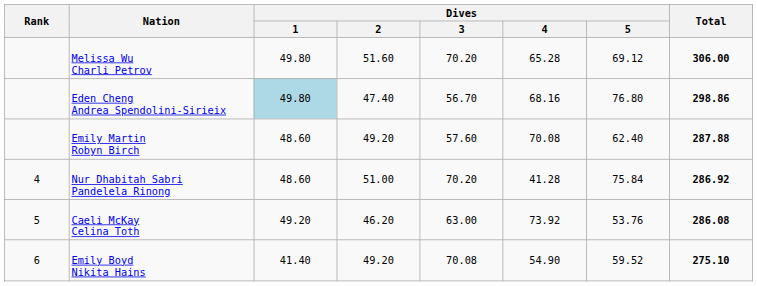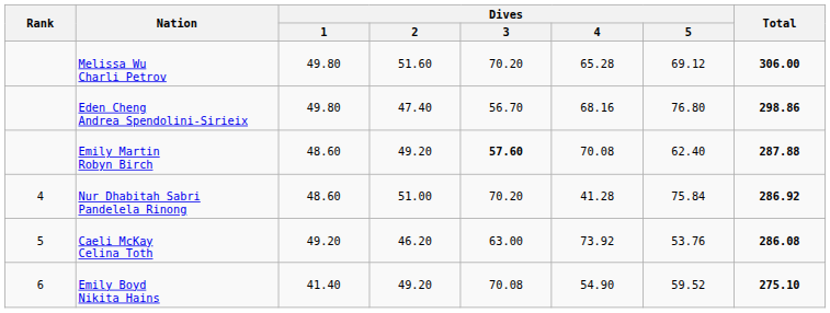 <table class="wikitable" width="75%">
 <tr>
 <th rowspan="2" width="7%">Rank</th>
 <th rowspan="2" width="20%">Nation</th>
 <th colspan="5">Dives</th>
 <th rowspan="2" width="9%">Total</th>
 </tr>
 <tr>
 <th width="9%">1</th>
 <th width="9%">2</th>
 <th width="9%">3</th>
 <th width="9%">4</th>
 <th width="9%">5</th>
 </tr>
 <tr align=center>
 <td></td>
 <td align=left> <br><a href='#'>Melissa Wu</a><br><a href='#'>Charli Petrov</a></td>
 <td>49.80</td>
 <td>51.60</td>
 <td>70.20</td>
 <td>65.28</td>
 <td>69.12</td>
 <td><strong>306.00</strong></td>
 </tr>
 <tr align=center>
 <td></td>
 <td align=left> <br><a href='#'>Eden Cheng</a><br><a href='#'>Andrea Spendolini-Sirieix</a></td>
-<td style="background: lightblue;">49.80</td>
+<td>49.80</td>
 <td>47.40</td>
 <td>56.70</td>
 <td>68.16</td>
 <td>76.80</td>
 <td><strong>298.86</strong></td>
 </tr>
 <tr align=center>
 <td></td>
 <td align=left>  <br><a href='#'>Emily Martin</a><br><a href='#'>Robyn Birch</a></td>
 <td>48.60</td>
 <td>49.20</td>
-<td>57.60</td>
+<td><strong>57.60</strong></td>
 <td>70.08</td>
 <td>62.40</td>
 <td><strong>287.88</strong></td>
 </tr>
 <tr align=center>
 <td>4</td>
 <td align=left> <br><a href='#'>Nur Dhabitah Sabri</a><br><a href='#'>Pandelela Rinong</a></td>
 <td>48.60</td>
 <td>51.00</td>
 <td>70.20</td>
 <td>41.28</td>
 <td>75.84</td>
 <td><strong>286.92</strong></td>
 </tr>
 <tr align=center>
 <td>5</td>
 <td align=left><br><a href='#'>Caeli McKay</a><br><a href='#'>Celina Toth</a></td>
 <td>49.20</td>
 <td>46.20</td>
 <td>63.00</td>
 <td>73.92</td>
 <td>53.76</td>
 <td><strong>286.08</strong></td>
 </tr>
 <tr align=center>
 <td>6</td>
 <td align=left>   <br><a href='#'>Emily Boyd</a><br><a href='#'>Nikita Hains</a></td>
 <td>41.40</td>
 <td>49.20</td>
 <td>70.08</td>
 <td>54.90</td>
 <td>59.52</td>
 <td><strong>275.10</strong></td>
 </tr>
 </table>
